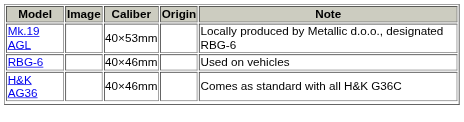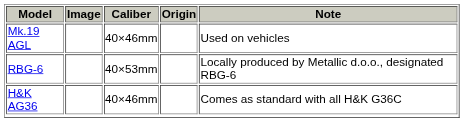 <table border=1 style="border-collapse:">
 <tr bgcolor=ccccc>
 <th>Model</th>
 <th>Image</th>
 <th>Caliber</th>
 <th>Origin</th>
 <th>Note</th>
 </tr>
 <tr>
 <td><a href='#'>Mk.19 AGL</a></td>
 <td></td>
-<td>40×53mm</td>
+<td>40×46mm</td>
 <td></td>
-<td>Locally produced by Metallic d.o.o., designated RBG-6</td>
+<td>Used on vehicles</td>
 </tr>
 <tr>
 <td><a href='#'>RBG-6</a></td>
 <td></td>
-<td>40×46mm</td>
+<td>40×53mm</td>
 <td></td>
-<td>Used on vehicles</td>
+<td>Locally produced by Metallic d.o.o., designated RBG-6</td>
 </tr>
 <tr>
 <td><a href='#'>H&K AG36</a></td>
 <td></td>
 <td>40×46mm</td>
 <td></td>
 <td>Comes as standard with all H&K G36C</td>
 </tr>
 <tr>
 </tr>
 </table>
